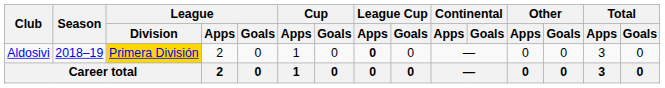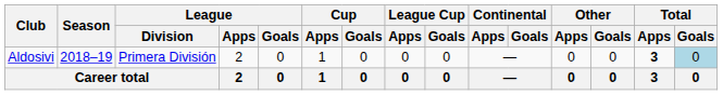 <table class="wikitable" style="text-align:center">
 <tr>
 <th rowspan="2">Club</th>
 <th rowspan="2">Season</th>
 <th colspan="3">League</th>
 <th colspan="2">Cup</th>
 <th colspan="2">League Cup</th>
 <th colspan="2">Continental</th>
 <th colspan="2">Other</th>
 <th colspan="2">Total</th>
 </tr>
 <tr>
 <th>Division</th>
 <th>Apps</th>
 <th>Goals</th>
 <th>Apps</th>
 <th>Goals</th>
 <th>Apps</th>
 <th>Goals</th>
 <th>Apps</th>
 <th>Goals</th>
 <th>Apps</th>
 <th>Goals</th>
 <th>Apps</th>
 <th>Goals</th>
 </tr>
 <tr>
 <td rowspan="1"><a href='#'>Aldosivi</a></td>
 <td><a href='#'>2018–19</a></td>
-<td rowspan="1" style="background: gold;"><a href='#'>Primera División</a></td>
+<td rowspan="1"><a href='#'>Primera División</a></td>
 <td>2</td>
 <td>0</td>
 <td>1</td>
 <td>0</td>
-<td><strong>0</strong></td>
+<td>0</td>
 <td>0</td>
 <td colspan="2">—</td>
 <td>0</td>
 <td>0</td>
-<td>3</td>
-<td>0</td>
+<td><strong>3</strong></td>
+<td style="background: lightblue;">0</td>
 </tr>
 <tr>
 <th colspan="3">Career total</th>
 <th>2</th>
 <th>0</th>
 <th>1</th>
 <th>0</th>
 <th>0</th>
 <th>0</th>
 <th colspan="2">—</th>
 <th>0</th>
 <th>0</th>
 <th>3</th>
 <th>0</th>
 </tr>
 </table>
